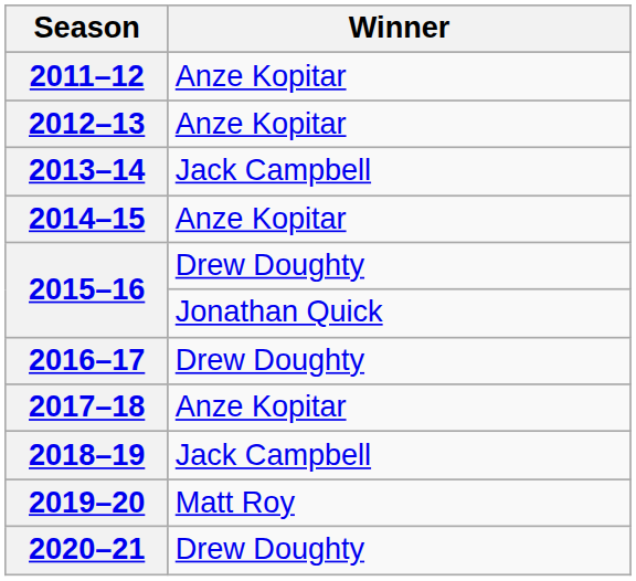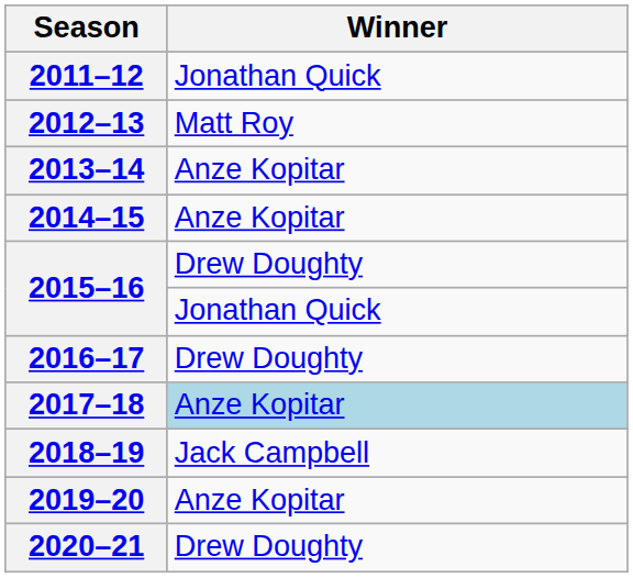 <table class="wikitable">
 <tr>
 <th scope="col" style="width:5em">Season</th>
 <th scope="col" style="width:15em">Winner</th>
 </tr>
 <tr>
 <th scope="row"><a href='#'>2011–12</a></th>
-<td><a href='#'>Anze Kopitar</a></td>
+<td><a href='#'>Jonathan Quick</a></td>
 </tr>
 <tr>
 <th scope="row"><a href='#'>2012–13</a></th>
-<td><a href='#'>Anze Kopitar</a></td>
+<td><a href='#'>Matt Roy</a></td>
 </tr>
 <tr>
 <th scope="row"><a href='#'>2013–14</a></th>
-<td><a href='#'>Jack Campbell</a></td>
+<td><a href='#'>Anze Kopitar</a></td>
 </tr>
 <tr>
 <th scope="row"><a href='#'>2014–15</a></th>
 <td><a href='#'>Anze Kopitar</a></td>
 </tr>
 <tr>
 <th scope="row" rowspan="2"><a href='#'>2015–16</a></th>
 <td><a href='#'>Drew Doughty</a></td>
 </tr>
 <tr>
 <td><a href='#'>Jonathan Quick</a></td>
 </tr>
 <tr>
 <th scope="row"><a href='#'>2016–17</a></th>
 <td><a href='#'>Drew Doughty</a></td>
 </tr>
 <tr>
 <th scope="row"><a href='#'>2017–18</a></th>
-<td><a href='#'>Anze Kopitar</a></td>
+<td style="background: lightblue;"><a href='#'>Anze Kopitar</a></td>
 </tr>
 <tr>
 <th scope="row"><a href='#'>2018–19</a></th>
 <td><a href='#'>Jack Campbell</a></td>
 </tr>
 <tr>
 <th scope="row"><a href='#'>2019–20</a></th>
-<td><a href='#'>Matt Roy</a></td>
+<td><a href='#'>Anze Kopitar</a></td>
 </tr>
 <tr>
 <th scope="row"><a href='#'>2020–21</a></th>
 <td><a href='#'>Drew Doughty</a></td>
 </tr>
 </table>
